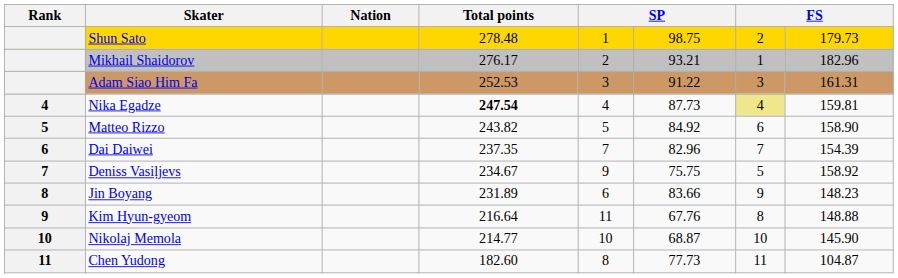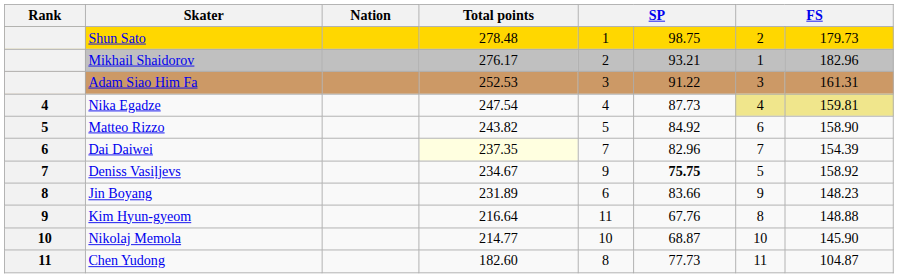 <table class="wikitable sortable" style="text-align:center;" width="80%">
 <tr>
 <th scope="col">Rank</th>
 <th scope="col">Skater</th>
 <th scope="col">Nation</th>
 <th scope="col">Total points</th>
 <th scope="col" colspan="2" width="80px"><a href='#'>SP</a></th>
 <th scope="col" colspan="2" width="80px"><a href='#'>FS</a></th>
 </tr>
 <tr bgcolor="gold">
 <th scope="row"></th>
 <td align="left"><a href='#'>Shun Sato</a></td>
 <td align="left"></td>
 <td>278.48</td>
 <td>1</td>
 <td>98.75</td>
 <td>2</td>
 <td>179.73</td>
 </tr>
 <tr bgcolor="silver">
 <th scope="row"></th>
 <td align="left"><a href='#'>Mikhail Shaidorov</a></td>
 <td align="left"></td>
 <td>276.17</td>
 <td>2</td>
 <td>93.21</td>
 <td>1</td>
 <td>182.96</td>
 </tr>
 <tr bgcolor="cc9966">
 <th scope="row"></th>
 <td align="left"><a href='#'>Adam Siao Him Fa</a></td>
 <td align="left"></td>
 <td>252.53</td>
 <td>3</td>
 <td>91.22</td>
 <td>3</td>
 <td>161.31</td>
 </tr>
 <tr>
 <th scope="row">4</th>
 <td align="left"><a href='#'>Nika Egadze</a></td>
 <td align="left"></td>
-<td><strong>247.54</strong></td>
+<td>247.54</td>
 <td>4</td>
 <td>87.73</td>
 <td style="background: khaki;">4</td>
-<td>159.81</td>
+<td style="background: khaki;">159.81</td>
 </tr>
 <tr>
 <th scope="row">5</th>
 <td align="left"><a href='#'>Matteo Rizzo</a></td>
 <td align="left"></td>
 <td>243.82</td>
 <td>5</td>
 <td>84.92</td>
 <td>6</td>
 <td>158.90</td>
 </tr>
 <tr>
 <th scope="row">6</th>
 <td align="left"><a href='#'>Dai Daiwei</a></td>
 <td align="left"></td>
-<td>237.35</td>
+<td style="background: lightyellow;">237.35</td>
 <td>7</td>
 <td>82.96</td>
 <td>7</td>
 <td>154.39</td>
 </tr>
 <tr>
 <th scope="row">7</th>
 <td align="left"><a href='#'>Deniss Vasiļjevs</a></td>
 <td align="left"></td>
 <td>234.67</td>
 <td>9</td>
-<td>75.75</td>
+<td><strong>75.75</strong></td>
 <td>5</td>
 <td>158.92</td>
 </tr>
 <tr>
 <th scope="row">8</th>
 <td align="left"><a href='#'>Jin Boyang</a></td>
 <td align="left"></td>
 <td>231.89</td>
 <td>6</td>
 <td>83.66</td>
 <td>9</td>
 <td>148.23</td>
 </tr>
 <tr>
 <th scope="row">9</th>
 <td align="left"><a href='#'>Kim Hyun-gyeom</a></td>
 <td align="left"></td>
 <td>216.64</td>
 <td>11</td>
 <td>67.76</td>
 <td>8</td>
 <td>148.88</td>
 </tr>
 <tr>
 <th scope="row">10</th>
 <td align="left"><a href='#'>Nikolaj Memola</a></td>
 <td align="left"></td>
 <td>214.77</td>
 <td>10</td>
 <td>68.87</td>
 <td>10</td>
 <td>145.90</td>
 </tr>
 <tr>
 <th scope="row">11</th>
 <td align="left"><a href='#'>Chen Yudong</a></td>
 <td align="left"></td>
 <td>182.60</td>
 <td>8</td>
 <td>77.73</td>
 <td>11</td>
 <td>104.87</td>
 </tr>
 </table>
